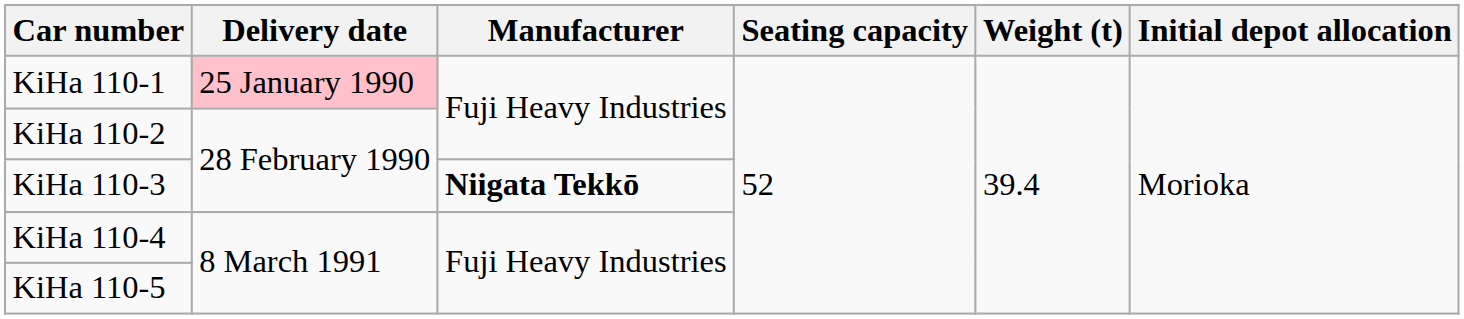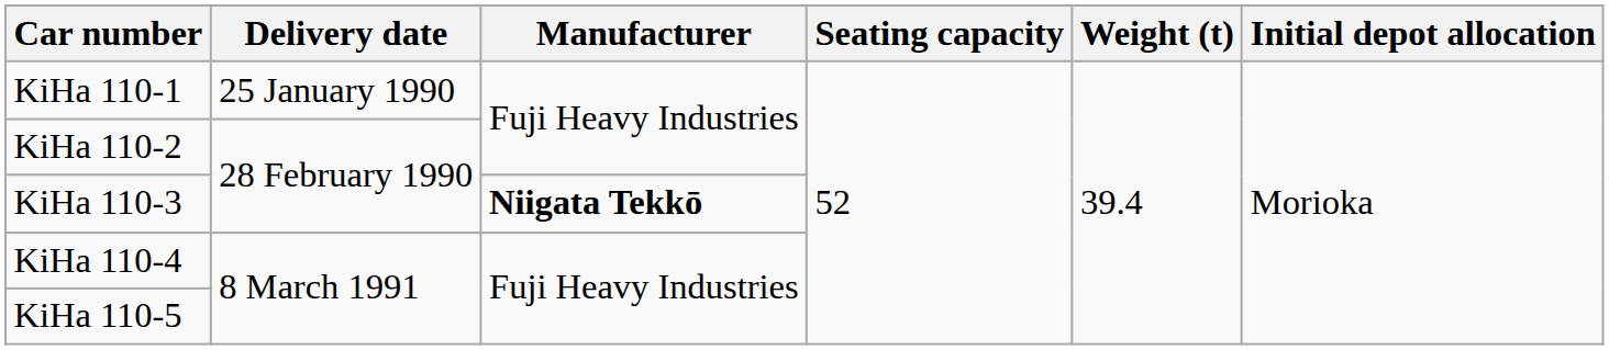 <table class="wikitable">
 <tr>
 <th>Car number</th>
 <th>Delivery date</th>
 <th>Manufacturer</th>
 <th>Seating capacity</th>
 <th>Weight (t)</th>
 <th>Initial depot allocation</th>
 </tr>
 <tr>
 <td>KiHa 110-1</td>
-<td style="background: pink;">25 January 1990</td>
+<td>25 January 1990</td>
 <td rowspan="2">Fuji Heavy Industries</td>
 <td rowspan=5>52</td>
 <td rowspan=5>39.4</td>
 <td rowspan=5>Morioka</td>
 </tr>
 <tr>
 <td>KiHa 110-2</td>
 <td rowspan="2">28 February 1990</td>
 </tr>
 <tr>
 <td>KiHa 110-3</td>
 <td><strong>Niigata Tekkō</strong></td>
 </tr>
 <tr>
 <td>KiHa 110-4</td>
 <td rowspan="2">8 March 1991</td>
 <td rowspan="2">Fuji Heavy Industries</td>
 </tr>
 <tr>
 <td>KiHa 110-5</td>
 </tr>
 </table>
